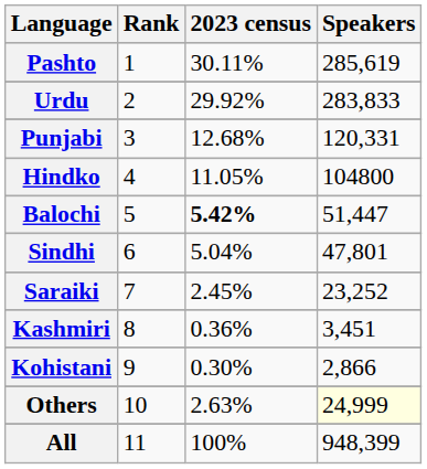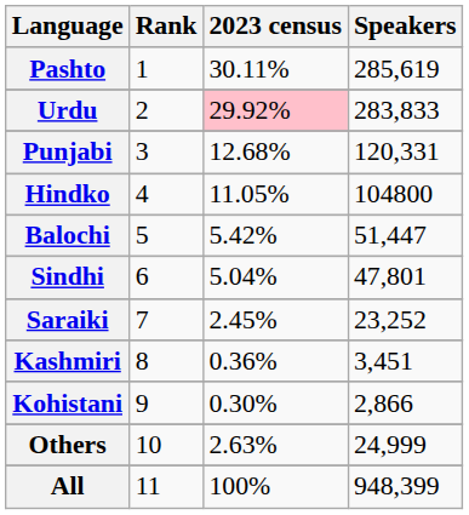 <table class="wikitable">
 <tr>
 <th>Language</th>
 <th>Rank</th>
 <th>2023 census</th>
 <th>Speakers</th>
 </tr>
 <tr>
 </tr>
 <tr>
 </tr>
 <tr>
 </tr>
 <tr>
 </tr>
 <tr>
 </tr>
 <tr>
 </tr>
 <tr>
 </tr>
 <tr>
 </tr>
 <tr>
 <th><a href='#'>Pashto</a></th>
 <td>1</td>
 <td>30.11%</td>
 <td>285,619</td>
 </tr>
 <tr>
 </tr>
 <tr>
 </tr>
 <tr>
 </tr>
 <tr>
 </tr>
 <tr>
 </tr>
 <tr>
 </tr>
 <tr>
 <th><a href='#'>Urdu</a></th>
 <td>2</td>
-<td>29.92%</td>
+<td style="background: pink;">29.92%</td>
 <td>283,833</td>
 </tr>
 <tr>
 </tr>
 <tr>
 </tr>
 <tr>
 </tr>
 <tr>
 </tr>
 <tr>
 </tr>
 <tr>
 </tr>
 <tr>
 <th><a href='#'>Punjabi</a></th>
 <td>3</td>
 <td>12.68%</td>
 <td>120,331</td>
 </tr>
 <tr>
 </tr>
 <tr>
 </tr>
 <tr>
 </tr>
 <tr>
 </tr>
 <tr>
 </tr>
 <tr>
 </tr>
 <tr>
 <th><a href='#'>Hindko</a></th>
 <td>4</td>
 <td>11.05%</td>
 <td>104800</td>
 </tr>
 <tr>
 </tr>
 <tr>
 </tr>
 <tr>
 </tr>
 <tr>
 </tr>
 <tr>
 </tr>
 <tr>
 </tr>
 <tr>
 <th><a href='#'>Balochi</a></th>
 <td>5</td>
-<td><strong>5.42%</strong></td>
+<td>5.42%</td>
 <td>51,447</td>
 </tr>
 <tr>
 </tr>
 <tr>
 </tr>
 <tr>
 </tr>
 <tr>
 </tr>
 <tr>
 </tr>
 <tr>
 </tr>
 <tr>
 <th><a href='#'>Sindhi</a></th>
 <td>6</td>
 <td>5.04%</td>
 <td>47,801</td>
 </tr>
 <tr>
 </tr>
 <tr>
 </tr>
 <tr>
 </tr>
 <tr>
 </tr>
 <tr>
 </tr>
 <tr>
 </tr>
 <tr>
 <th><a href='#'>Saraiki</a></th>
 <td>7</td>
 <td>2.45%</td>
 <td>23,252</td>
 </tr>
 <tr>
 </tr>
 <tr>
 </tr>
 <tr>
 </tr>
 <tr>
 </tr>
 <tr>
 </tr>
 <tr>
 </tr>
 <tr>
 <th><a href='#'>Kashmiri</a></th>
 <td>8</td>
 <td>0.36%</td>
 <td>3,451</td>
 </tr>
 <tr>
 </tr>
 <tr>
 </tr>
 <tr>
 </tr>
 <tr>
 </tr>
 <tr>
 </tr>
 <tr>
 </tr>
 <tr>
 <th><a href='#'>Kohistani</a></th>
 <td>9</td>
 <td>0.30%</td>
 <td>2,866</td>
 </tr>
 <tr>
 </tr>
 <tr>
 </tr>
 <tr>
 </tr>
 <tr>
 </tr>
 <tr>
 </tr>
 <tr>
 </tr>
 <tr>
 <th>Others</th>
 <td>10</td>
 <td>2.63%</td>
-<td style="background: lightyellow;">24,999</td>
+<td>24,999</td>
 </tr>
 <tr>
 </tr>
 <tr>
 </tr>
 <tr>
 </tr>
 <tr>
 </tr>
 <tr>
 </tr>
 <tr>
 </tr>
 <tr>
 <th>All</th>
 <td>11</td>
 <td>100%</td>
 <td>948,399</td>
 </tr>
 </table>
